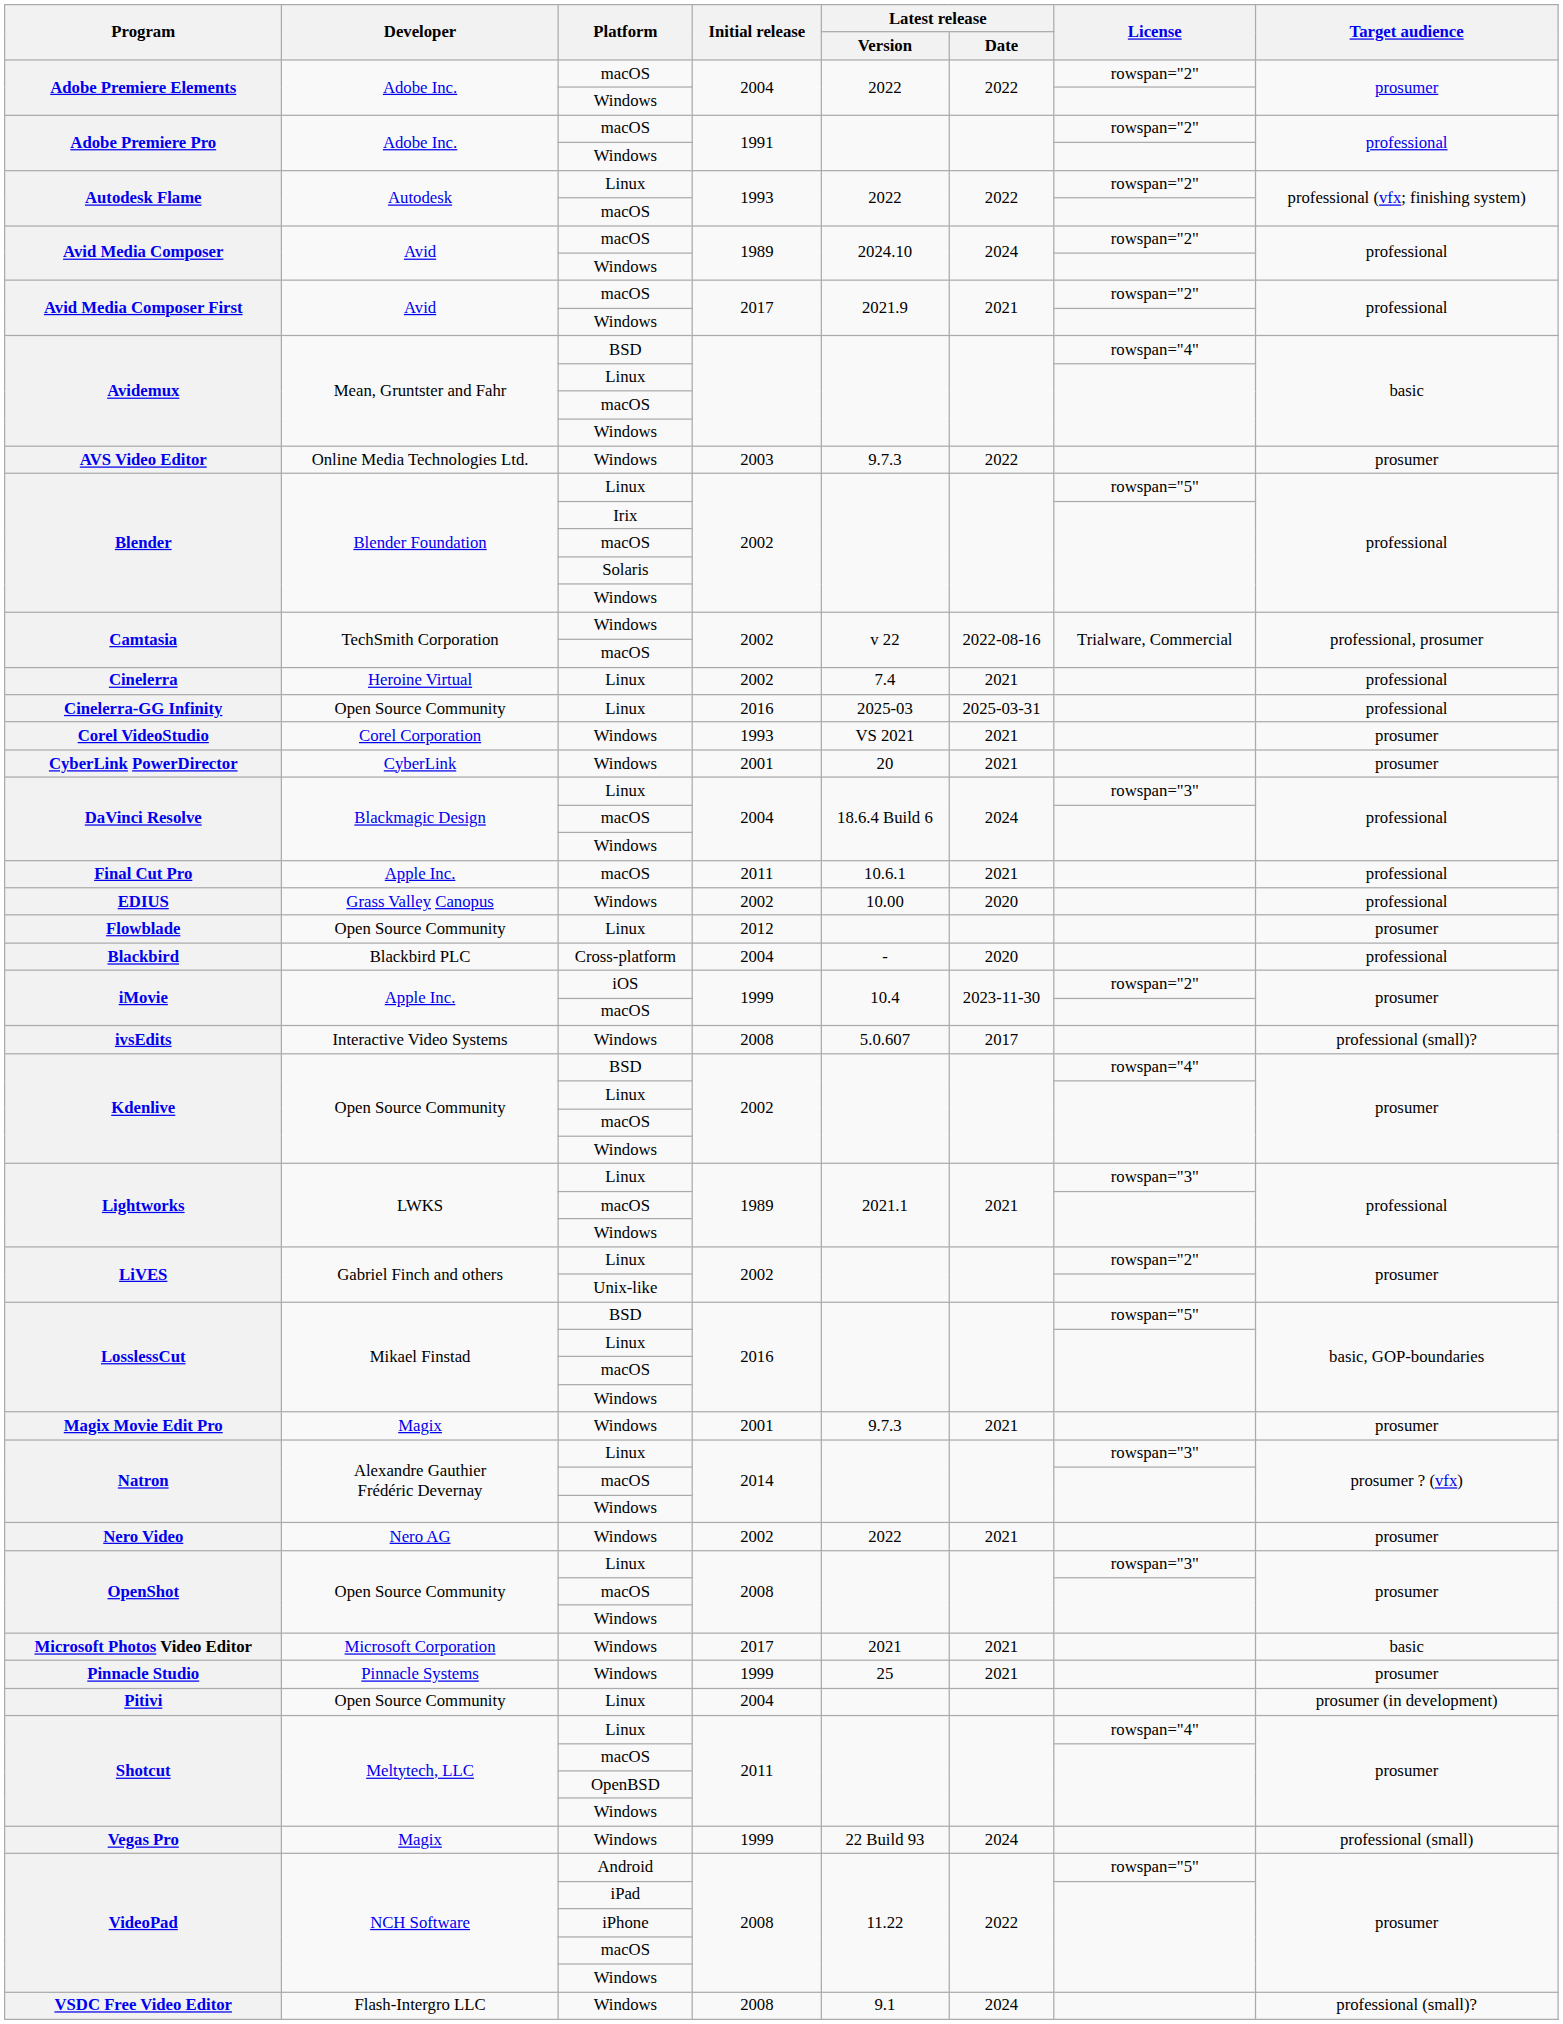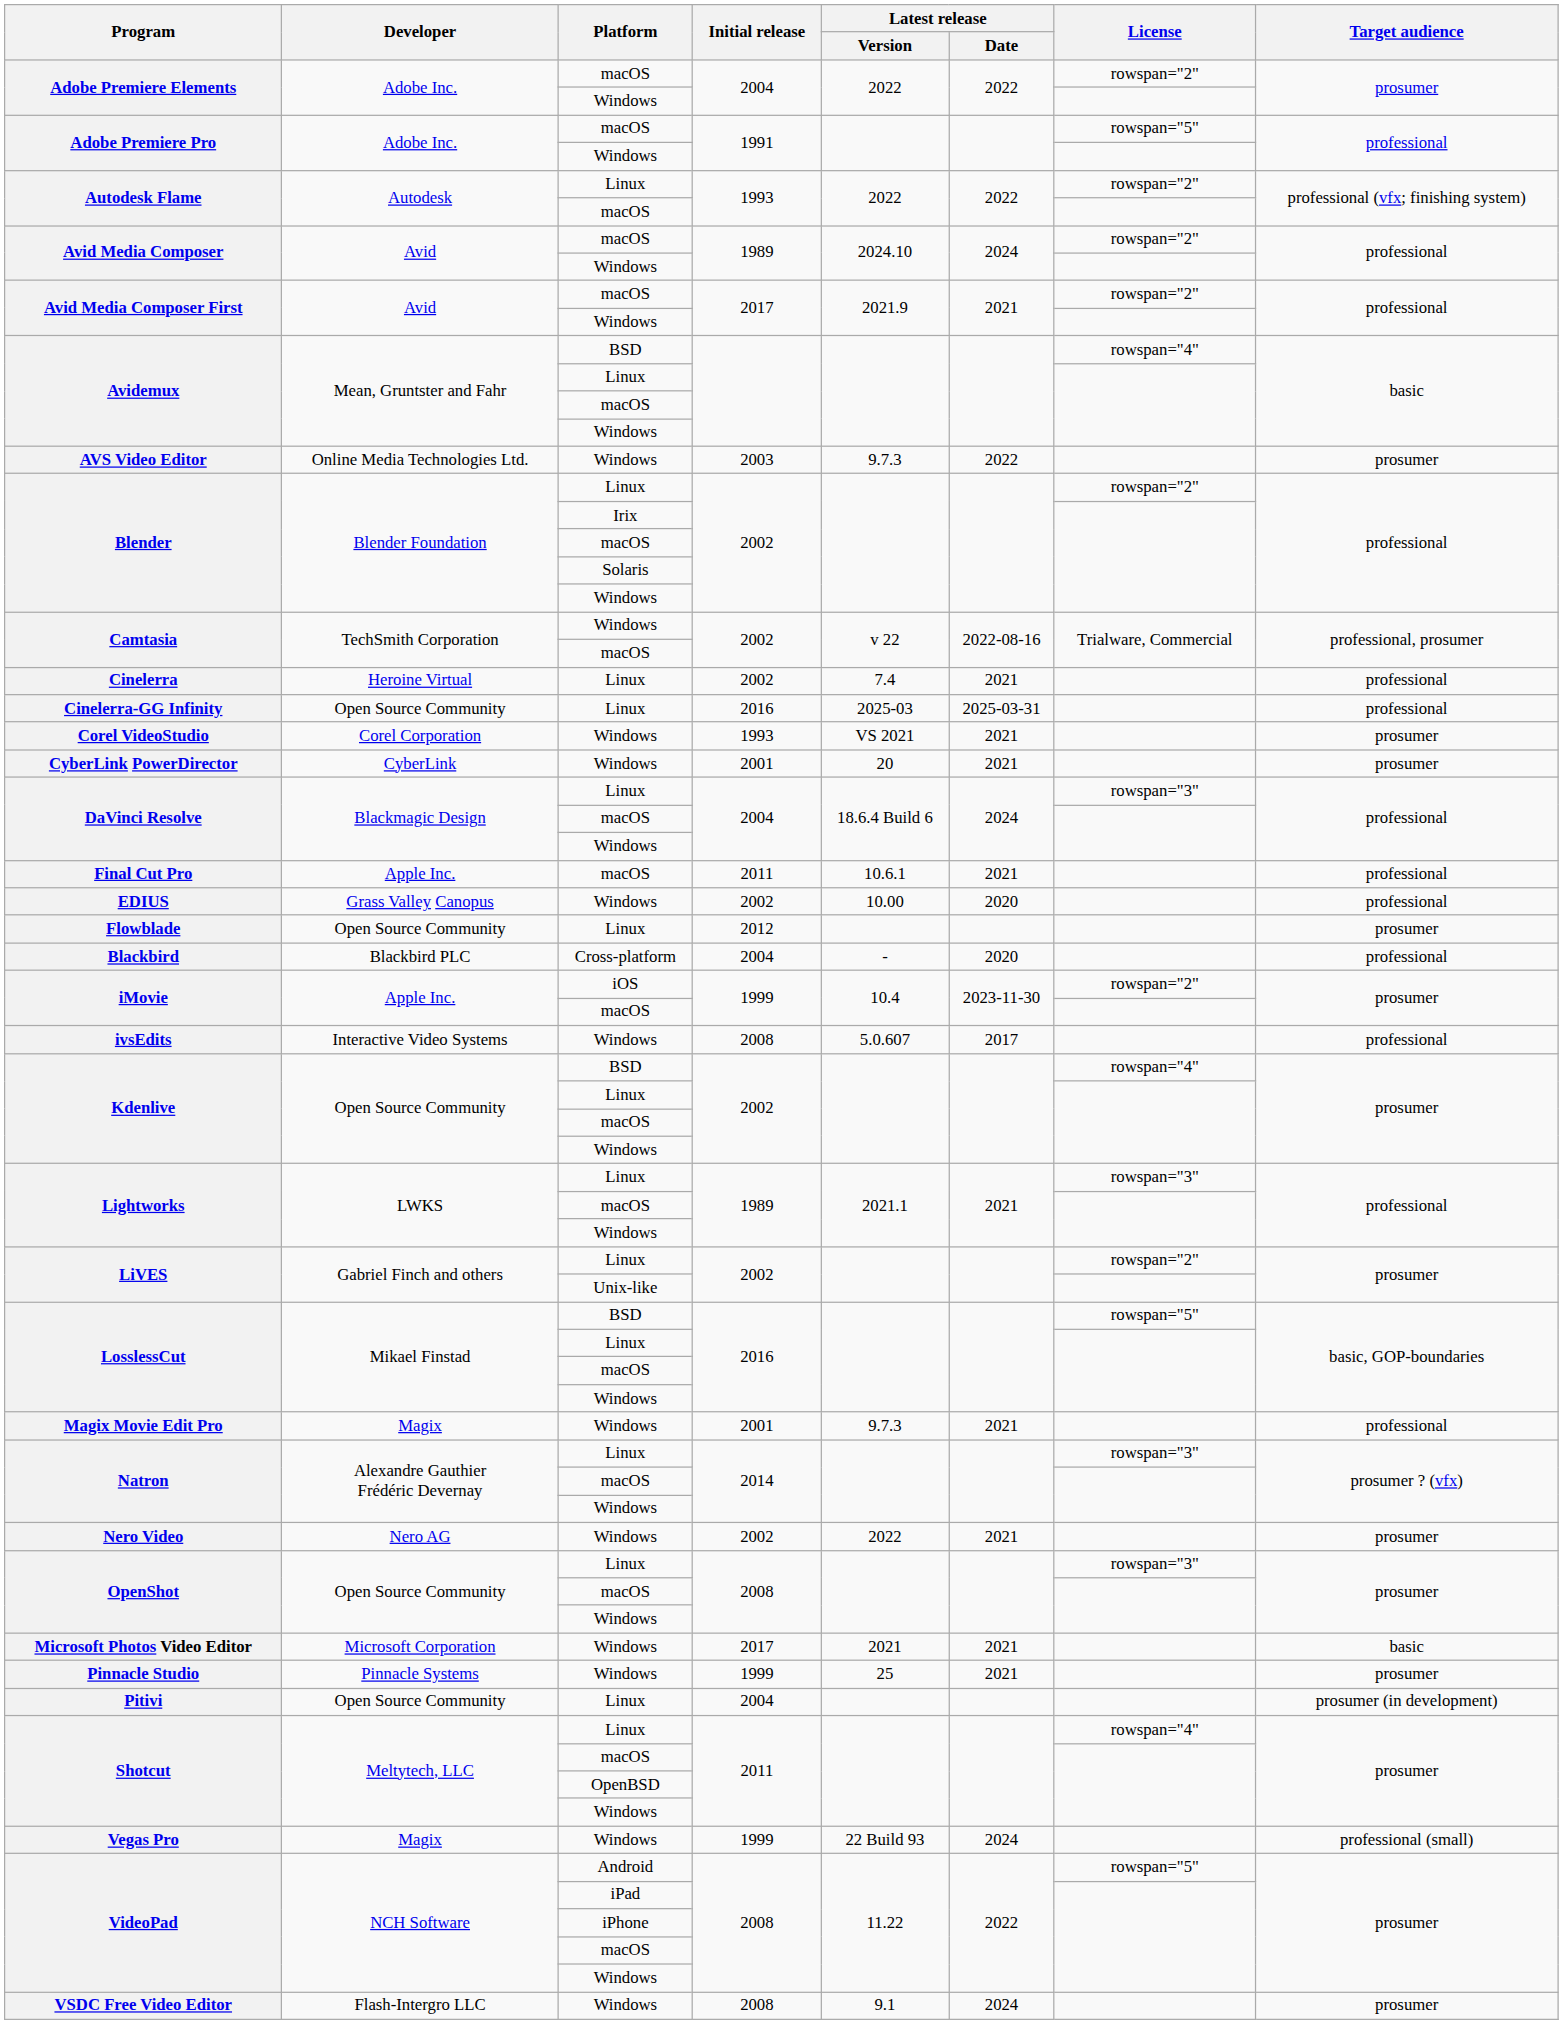 <table class="wikitable sortable" style="font-size: 85%; text-align: center; width: 100%">
 <tr>
 <th rowspan="2">Program</th>
 <th rowspan="2">Developer</th>
 <th rowspan="2">Platform</th>
 <th rowspan="2">Initial release</th>
 <th colspan="2">Latest release</th>
 <th rowspan="2"><a href='#'>License</a></th>
 <th rowspan="2"><a href='#'>Target audience</a></th>
 </tr>
 <tr>
 <th>Version </th>
 <th>Date </th>
 </tr>
 <tr>
 <th rowspan="2"><a href='#'>Adobe Premiere Elements</a></th>
 <td rowspan="2"><a href='#'>Adobe Inc.</a></td>
 <td>macOS</td>
 <td rowspan="2">2004</td>
 <td rowspan="2">2022</td>
 <td rowspan="2">2022</td>
 <td>rowspan="2" </td>
 <td rowspan="2"><a href='#'>prosumer</a></td>
 </tr>
 <tr>
 <td>Windows</td>
 </tr>
 <tr>
 <th rowspan="2"><a href='#'>Adobe Premiere Pro</a></th>
 <td rowspan="2"><a href='#'>Adobe Inc.</a></td>
 <td>macOS</td>
 <td rowspan="2">1991</td>
 <td rowspan="2"></td>
 <td rowspan="2"></td>
-<td>rowspan="2" </td>
+<td>rowspan="5" </td>
 <td rowspan="2"><a href='#'>professional</a></td>
 </tr>
 <tr>
 <td>Windows</td>
 </tr>
 <tr>
 <th rowspan="2"><a href='#'>Autodesk Flame</a></th>
 <td rowspan="2"><a href='#'>Autodesk</a></td>
 <td>Linux</td>
 <td rowspan="2">1993</td>
 <td rowspan="2">2022</td>
 <td rowspan="2">2022</td>
 <td>rowspan="2" </td>
 <td rowspan="2">professional (<a href='#'>vfx</a>; finishing system)</td>
 </tr>
 <tr>
 <td>macOS</td>
 </tr>
 <tr>
 <th rowspan="2"><a href='#'>Avid Media Composer</a></th>
 <td rowspan="2"><a href='#'>Avid</a></td>
 <td>macOS</td>
 <td rowspan="2">1989</td>
 <td rowspan="2">2024.10</td>
 <td rowspan="2">2024</td>
 <td>rowspan="2" </td>
 <td rowspan="2">professional</td>
 </tr>
 <tr>
 <td>Windows</td>
 </tr>
 <tr>
 <th rowspan="2"><a href='#'>Avid Media Composer First</a></th>
 <td rowspan="2"><a href='#'>Avid</a></td>
 <td>macOS</td>
 <td rowspan="2">2017</td>
 <td rowspan="2">2021.9</td>
 <td rowspan="2">2021</td>
 <td>rowspan="2" </td>
 <td rowspan="2">professional</td>
 </tr>
 <tr>
 <td>Windows</td>
 </tr>
 <tr>
 <th rowspan="4"><a href='#'>Avidemux</a></th>
 <td rowspan="4">Mean, Gruntster and Fahr</td>
 <td>BSD</td>
 <td rowspan="4"></td>
 <td rowspan="4"></td>
 <td rowspan="4"></td>
 <td>rowspan="4" </td>
 <td rowspan="4">basic</td>
 </tr>
 <tr>
 <td>Linux</td>
 </tr>
 <tr>
 <td>macOS</td>
 </tr>
 <tr>
 <td>Windows</td>
 </tr>
 <tr>
 <th><a href='#'>AVS Video Editor</a></th>
 <td>Online Media Technologies Ltd.</td>
 <td>Windows</td>
 <td>2003</td>
 <td>9.7.3</td>
 <td>2022</td>
 <td></td>
 <td>prosumer</td>
 </tr>
 <tr>
 <th rowspan="5"><a href='#'>Blender</a></th>
 <td rowspan="5"><a href='#'>Blender Foundation</a></td>
 <td>Linux</td>
 <td rowspan="5">2002</td>
 <td rowspan="5"></td>
 <td rowspan="5"></td>
-<td>rowspan="5" </td>
+<td>rowspan="2" </td>
 <td rowspan="5">professional</td>
 </tr>
 <tr>
 <td>Irix</td>
 </tr>
 <tr>
 <td>macOS</td>
 </tr>
 <tr>
 <td>Solaris</td>
 </tr>
 <tr>
 <td>Windows</td>
 </tr>
 <tr>
 <th rowspan="2"><a href='#'>Camtasia</a></th>
 <td rowspan="2">TechSmith Corporation</td>
 <td>Windows</td>
 <td rowspan="2">2002</td>
 <td rowspan="2">v 22</td>
 <td rowspan="2">2022-08-16</td>
 <td rowspan="2">Trialware, Commercial</td>
 <td rowspan="2">professional, prosumer</td>
 </tr>
 <tr>
 <td>macOS</td>
 </tr>
 <tr>
 <th><a href='#'>Cinelerra</a></th>
 <td><a href='#'>Heroine Virtual</a></td>
 <td>Linux</td>
 <td>2002</td>
 <td>7.4</td>
 <td>2021</td>
 <td></td>
 <td>professional</td>
 </tr>
 <tr>
 <th><a href='#'>Cinelerra-GG Infinity</a></th>
 <td>Open Source Community</td>
 <td>Linux</td>
 <td>2016</td>
 <td>2025-03</td>
 <td>2025-03-31</td>
 <td></td>
 <td>professional</td>
 </tr>
 <tr>
 <th><a href='#'>Corel VideoStudio</a></th>
 <td><a href='#'>Corel Corporation</a></td>
 <td>Windows</td>
 <td>1993</td>
 <td>VS 2021</td>
 <td>2021</td>
 <td></td>
 <td>prosumer</td>
 </tr>
 <tr>
 <th><a href='#'>CyberLink</a> <a href='#'>PowerDirector</a></th>
 <td><a href='#'>CyberLink</a></td>
 <td>Windows</td>
 <td>2001</td>
 <td>20</td>
 <td>2021</td>
 <td></td>
 <td>prosumer</td>
 </tr>
 <tr>
 <th rowspan="3"><a href='#'>DaVinci Resolve</a></th>
 <td rowspan="3"><a href='#'>Blackmagic Design</a></td>
 <td>Linux</td>
 <td rowspan="3">2004</td>
 <td rowspan="3">18.6.4 Build 6</td>
 <td rowspan="3">2024</td>
 <td>rowspan="3" </td>
 <td rowspan="3">professional</td>
 </tr>
 <tr>
 <td>macOS</td>
 </tr>
 <tr>
 <td>Windows</td>
 </tr>
 <tr>
 <th><a href='#'>Final Cut Pro</a></th>
 <td><a href='#'>Apple Inc.</a></td>
 <td>macOS</td>
 <td>2011</td>
 <td>10.6.1</td>
 <td>2021</td>
 <td></td>
 <td>professional</td>
 </tr>
 <tr>
 <th><a href='#'>EDIUS</a></th>
 <td><a href='#'>Grass Valley</a> <a href='#'>Canopus</a></td>
 <td>Windows</td>
 <td>2002</td>
 <td>10.00</td>
 <td>2020</td>
 <td></td>
 <td>professional</td>
 </tr>
 <tr>
 <th><a href='#'>Flowblade</a></th>
 <td>Open Source Community</td>
 <td>Linux</td>
 <td>2012</td>
 <td></td>
 <td></td>
 <td></td>
 <td>prosumer</td>
 </tr>
 <tr>
 <th><a href='#'>Blackbird</a></th>
 <td>Blackbird PLC</td>
 <td>Cross-platform</td>
 <td>2004</td>
 <td>-</td>
 <td>2020</td>
 <td></td>
 <td>professional</td>
 </tr>
 <tr>
 <th rowspan="2"><a href='#'>iMovie</a></th>
 <td rowspan="2"><a href='#'>Apple Inc.</a></td>
 <td>iOS</td>
 <td rowspan="2">1999</td>
 <td rowspan="2">10.4</td>
 <td rowspan="2">2023-11-30</td>
 <td>rowspan="2" </td>
 <td rowspan="2">prosumer</td>
 </tr>
 <tr>
 <td>macOS</td>
 </tr>
 <tr>
 <th><a href='#'>ivsEdits</a></th>
 <td>Interactive Video Systems</td>
 <td>Windows</td>
 <td>2008</td>
 <td>5.0.607</td>
 <td>2017</td>
 <td></td>
-<td>professional (small)?</td>
+<td>professional</td>
 </tr>
 <tr>
 <th rowspan="4"><a href='#'>Kdenlive</a></th>
 <td rowspan="4">Open Source Community</td>
 <td>BSD</td>
 <td rowspan="4">2002</td>
 <td rowspan="4"></td>
 <td rowspan="4"></td>
 <td>rowspan="4" </td>
 <td rowspan="4">prosumer</td>
 </tr>
 <tr>
 <td>Linux</td>
 </tr>
 <tr>
 <td>macOS</td>
 </tr>
 <tr>
 <td>Windows</td>
 </tr>
 <tr>
 <th rowspan="3"><a href='#'>Lightworks</a></th>
 <td rowspan="3">LWKS</td>
 <td>Linux</td>
 <td rowspan="3">1989</td>
 <td rowspan="3">2021.1</td>
 <td rowspan="3">2021</td>
 <td>rowspan="3" </td>
 <td rowspan="3">professional</td>
 </tr>
 <tr>
 <td>macOS</td>
 </tr>
 <tr>
 <td>Windows</td>
 </tr>
 <tr>
 <th rowspan="2"><a href='#'>LiVES</a></th>
 <td rowspan="2">Gabriel Finch and others</td>
 <td>Linux</td>
 <td rowspan="2">2002</td>
 <td rowspan="2"></td>
 <td rowspan="2"></td>
 <td>rowspan="2" </td>
 <td rowspan="2">prosumer</td>
 </tr>
 <tr>
 <td>Unix-like</td>
 </tr>
 <tr>
 <th rowspan="4"><a href='#'>LosslessCut</a></th>
 <td rowspan="4">Mikael Finstad</td>
 <td>BSD</td>
 <td rowspan="4">2016</td>
 <td rowspan="4"></td>
 <td rowspan="4"></td>
 <td>rowspan="5" </td>
 <td rowspan="4">basic, GOP-boundaries</td>
 </tr>
 <tr>
 <td>Linux</td>
 </tr>
 <tr>
 <td>macOS</td>
 </tr>
 <tr>
 <td>Windows</td>
 </tr>
 <tr>
 <th><a href='#'>Magix Movie Edit Pro</a></th>
 <td><a href='#'>Magix</a></td>
 <td>Windows</td>
 <td>2001</td>
 <td>9.7.3</td>
 <td>2021</td>
 <td></td>
-<td>prosumer</td>
+<td>professional</td>
 </tr>
 <tr>
 <th rowspan="3"><a href='#'>Natron</a></th>
 <td rowspan="3">Alexandre Gauthier<br>Frédéric Devernay</td>
 <td>Linux</td>
 <td rowspan="3">2014</td>
 <td rowspan="3"></td>
 <td rowspan="3"></td>
 <td>rowspan="3" </td>
 <td rowspan="3">prosumer ? (<a href='#'>vfx</a>)</td>
 </tr>
 <tr>
 <td>macOS</td>
 </tr>
 <tr>
 <td>Windows</td>
 </tr>
 <tr>
 <th><a href='#'>Nero Video</a></th>
 <td><a href='#'>Nero AG</a></td>
 <td>Windows</td>
 <td>2002</td>
 <td>2022</td>
 <td>2021</td>
 <td></td>
 <td>prosumer</td>
 </tr>
 <tr>
 <th rowspan="3"><a href='#'>OpenShot</a></th>
 <td rowspan="3">Open Source Community</td>
 <td>Linux</td>
 <td rowspan="3">2008</td>
 <td rowspan="3"></td>
 <td rowspan="3"></td>
 <td>rowspan="3" </td>
 <td rowspan="3">prosumer</td>
 </tr>
 <tr>
 <td>macOS</td>
 </tr>
 <tr>
 <td>Windows</td>
 </tr>
 <tr>
 <th><a href='#'>Microsoft Photos</a> Video Editor</th>
 <td><a href='#'>Microsoft Corporation</a></td>
 <td>Windows</td>
 <td>2017</td>
 <td>2021</td>
 <td>2021</td>
 <td></td>
 <td>basic</td>
 </tr>
 <tr>
 <th><a href='#'>Pinnacle Studio</a></th>
 <td><a href='#'>Pinnacle Systems</a></td>
 <td>Windows</td>
 <td>1999</td>
 <td>25</td>
 <td>2021</td>
 <td></td>
 <td>prosumer</td>
 </tr>
 <tr>
 <th><a href='#'>Pitivi</a></th>
 <td>Open Source Community</td>
 <td>Linux</td>
 <td>2004</td>
 <td></td>
 <td></td>
 <td></td>
 <td>prosumer (in development)</td>
 </tr>
 <tr>
 <th rowspan="4"><a href='#'>Shotcut</a></th>
 <td rowspan="4"><a href='#'>Meltytech, LLC</a></td>
 <td>Linux</td>
 <td rowspan="4">2011</td>
 <td rowspan="4"></td>
 <td rowspan="4"></td>
 <td>rowspan="4" </td>
 <td rowspan="4">prosumer</td>
 </tr>
 <tr>
 <td>macOS</td>
 </tr>
 <tr>
 <td>OpenBSD</td>
 </tr>
 <tr>
 <td>Windows</td>
 </tr>
 <tr>
 <th><a href='#'>Vegas Pro</a></th>
 <td><a href='#'>Magix</a></td>
 <td>Windows</td>
 <td>1999</td>
 <td>22 Build 93</td>
 <td>2024</td>
 <td></td>
 <td>professional (small)</td>
 </tr>
 <tr>
 <th rowspan="5"><a href='#'>VideoPad</a></th>
 <td rowspan="5"><a href='#'>NCH Software</a></td>
 <td>Android</td>
 <td rowspan="5">2008</td>
 <td rowspan="5">11.22</td>
 <td rowspan="5">2022</td>
 <td>rowspan="5" </td>
 <td rowspan="5">prosumer</td>
 </tr>
 <tr>
 <td>iPad</td>
 </tr>
 <tr>
 <td>iPhone</td>
 </tr>
 <tr>
 <td>macOS</td>
 </tr>
 <tr>
 <td>Windows</td>
 </tr>
 <tr>
 <th><a href='#'>VSDC Free Video Editor</a></th>
 <td>Flash-Intergro LLC</td>
 <td>Windows</td>
 <td>2008</td>
 <td>9.1</td>
 <td>2024</td>
 <td></td>
-<td>professional (small)?</td>
+<td>prosumer</td>
 </tr>
 </table>
